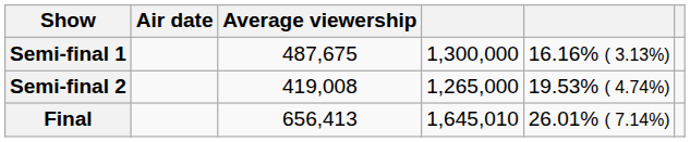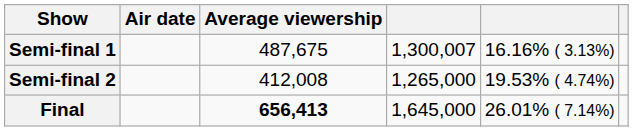 <table class="wikitable plainrowheaders" style="text-align:center">
 <tr>
 <th>Show</th>
 <th>Air date</th>
 <th>Average viewership</th>
 <th></th>
 <th></th>
 <th></th>
 </tr>
 <tr>
 <th scope="row">Semi-final 1</th>
 <td></td>
 <td>487,675</td>
-<td>1,300,000</td>
+<td>1,300,007</td>
 <td>16.16% <small>( 3.13%)</small></td>
 <td></td>
 </tr>
 <tr>
 <th scope="row">Semi-final 2</th>
 <td></td>
-<td>419,008</td>
+<td>412,008</td>
 <td>1,265,000</td>
 <td>19.53% <small>( 4.74%)</small></td>
 <td></td>
 </tr>
 <tr>
 <th scope="row">Final</th>
 <td></td>
-<td>656,413</td>
-<td>1,645,010</td>
+<td><strong>656,413</strong></td>
+<td>1,645,000</td>
 <td>26.01% <small>( 7.14%)</small></td>
 <td></td>
 </tr>
 </table>
